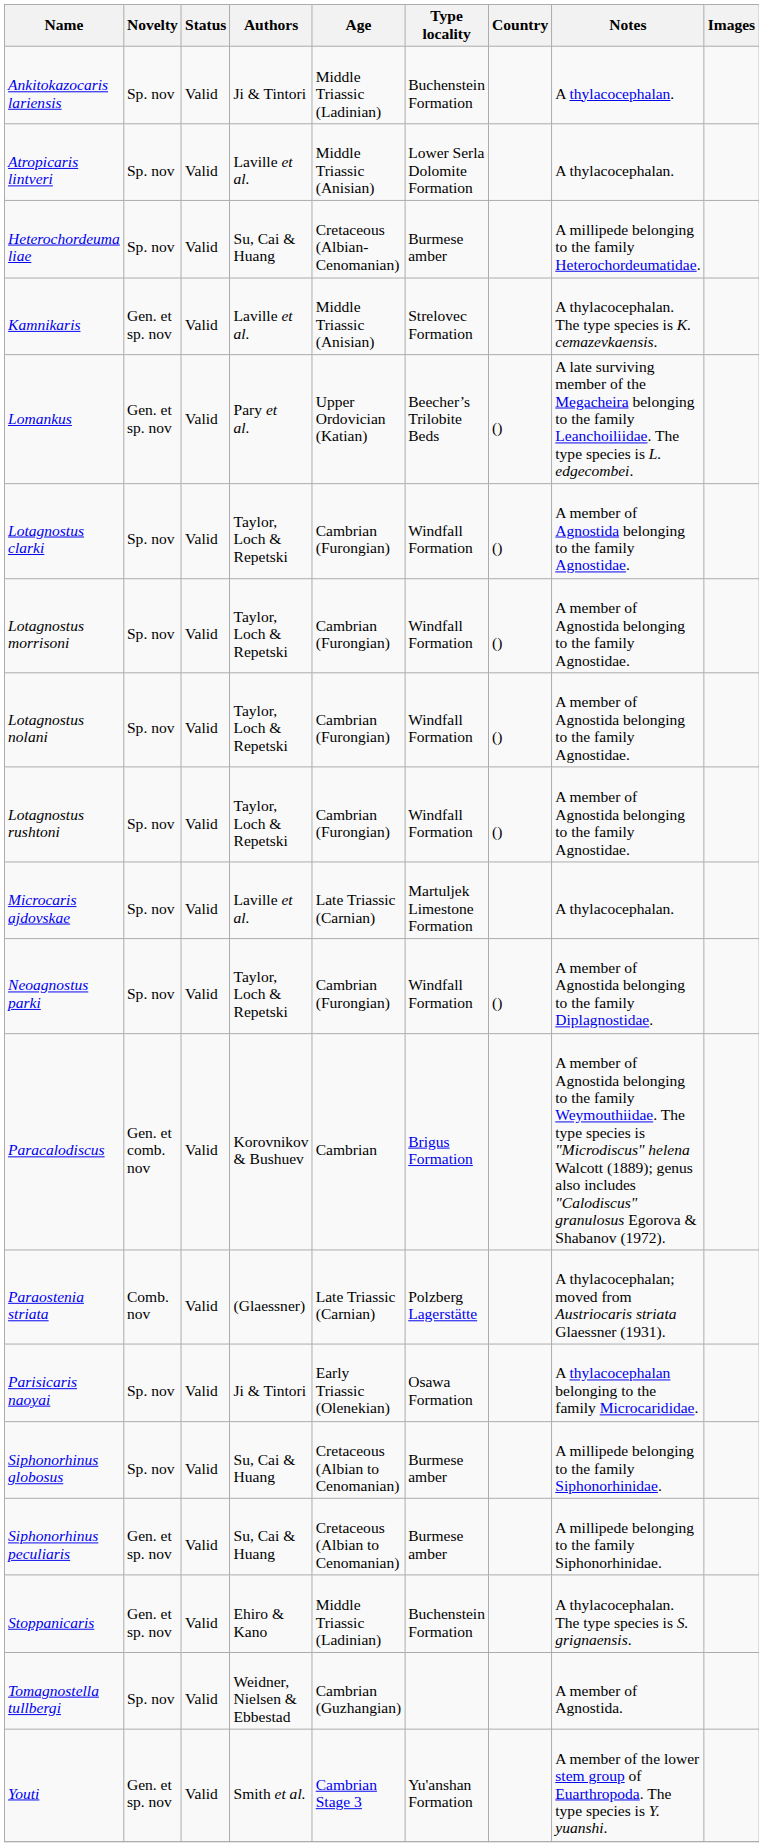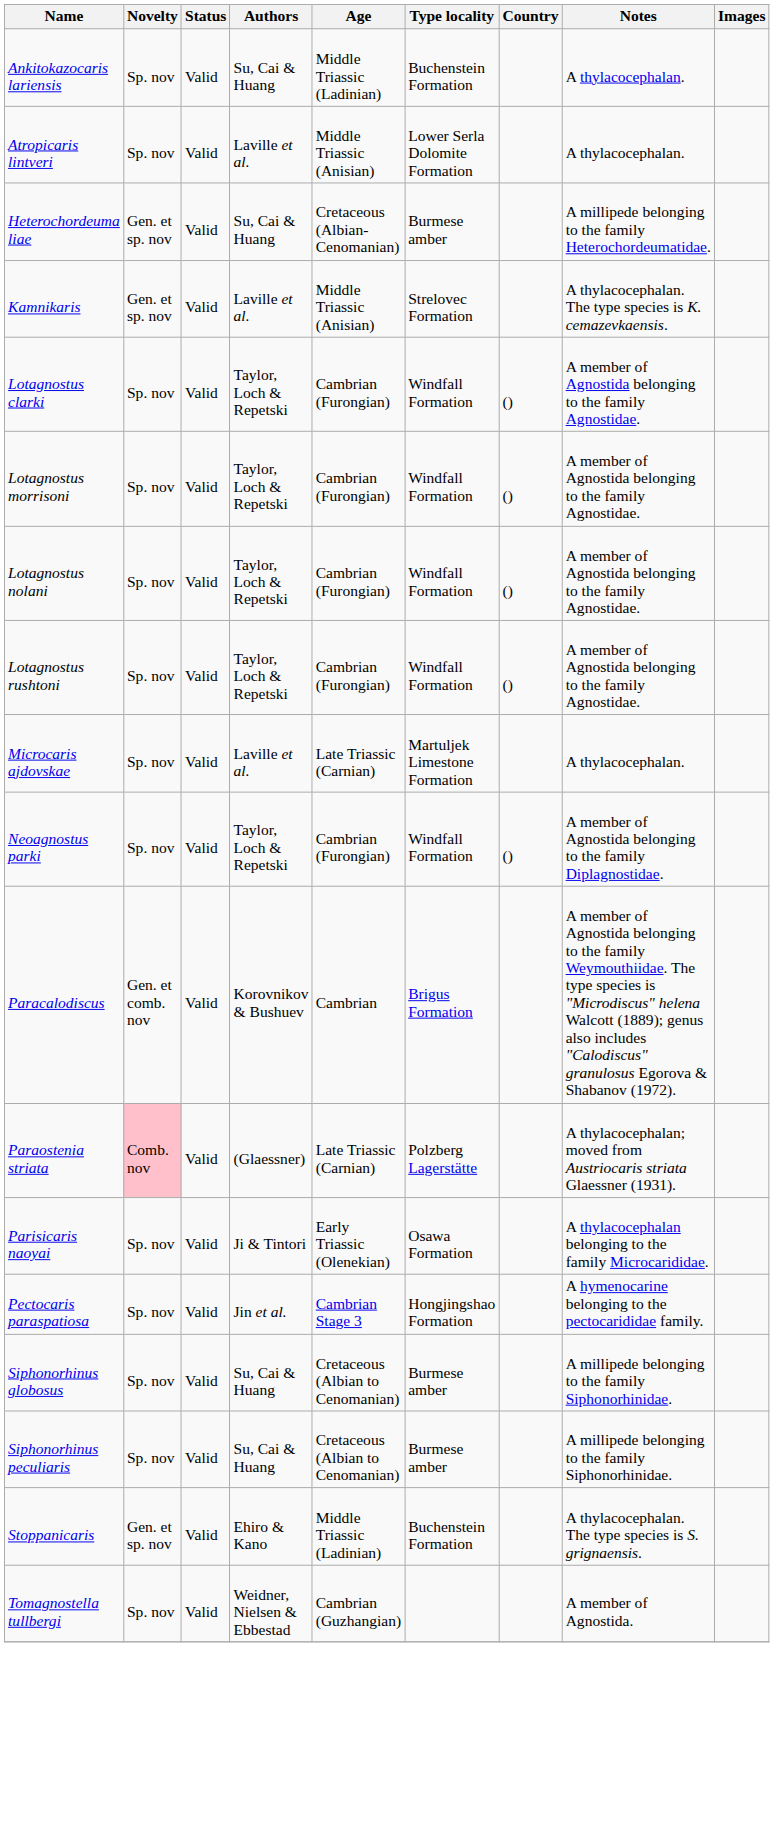 <table class="wikitable sortable" align="center" width="100%">
 <tr>
 <th>Name</th>
 <th>Novelty</th>
 <th>Status</th>
 <th>Authors</th>
 <th>Age</th>
 <th>Type locality</th>
 <th>Country</th>
 <th>Notes</th>
 <th>Images</th>
 </tr>
 <tr>
 <td><br><em><a href='#'>Ankitokazocaris lariensis</a></em></td>
 <td><br>Sp. nov</td>
 <td><br>Valid</td>
-<td><br>Ji & Tintori</td>
+<td><br>Su, Cai & Huang</td>
 <td><br>Middle Triassic (Ladinian)</td>
 <td><br>Buchenstein Formation</td>
 <td><br></td>
 <td><br>A <a href='#'>thylacocephalan</a>.</td>
 <td></td>
 </tr>
 <tr>
 <td><br><em><a href='#'>Atropicaris lintveri</a></em></td>
 <td><br>Sp. nov</td>
 <td><br>Valid</td>
 <td><br>Laville <em>et al.</em></td>
 <td><br>Middle Triassic (Anisian)</td>
 <td><br>Lower Serla Dolomite Formation</td>
 <td><br></td>
 <td><br>A thylacocephalan.</td>
 <td></td>
 </tr>
 <tr>
 <td><br><em><a href='#'>Heterochordeuma liae</a></em></td>
-<td><br>Sp. nov</td>
+<td><br>Gen. et sp. nov</td>
 <td><br>Valid</td>
 <td><br>Su, Cai & Huang</td>
 <td><br>Cretaceous (Albian-Cenomanian)</td>
 <td><br>Burmese amber</td>
 <td><br></td>
 <td><br>A millipede belonging to the family <a href='#'>Heterochordeumatidae</a>.</td>
 <td></td>
 </tr>
 <tr>
 <td><br><em><a href='#'>Kamnikaris</a></em></td>
 <td><br>Gen. et sp. nov</td>
 <td><br>Valid</td>
 <td><br>Laville <em>et al.</em></td>
 <td><br>Middle Triassic (Anisian)</td>
 <td><br>Strelovec Formation</td>
 <td><br></td>
 <td><br>A thylacocephalan. The type species is <em>K. cemazevkaensis</em>.</td>
-<td></td>
-</tr>
-<tr>
-<td><em><a href='#'>Lomankus</a></em></td>
-<td>Gen. et<br>sp. nov</td>
-<td>Valid</td>
-<td>Pary <em>et</em><br><em>al.</em></td>
-<td>Upper Ordovician (Katian)</td>
-<td>Beecher’s Trilobite Beds</td>
-<td><br>()</td>
-<td>A late surviving member of the <a href='#'>Megacheira</a> belonging to the family  <a href='#'>Leanchoiliidae</a>. The type species is <em>L. edgecombei</em>.</td>
 <td></td>
 </tr>
 <tr>
 <td><br><em><a href='#'> Lotagnostus clarki</a></em></td>
 <td><br>Sp. nov</td>
 <td><br>Valid</td>
 <td><br>Taylor, Loch & Repetski</td>
 <td><br>Cambrian (Furongian)</td>
 <td><br>Windfall Formation</td>
 <td><br><br>()</td>
 <td><br>A member of <a href='#'>Agnostida</a> belonging to the family <a href='#'>Agnostidae</a>.</td>
 <td></td>
 </tr>
 <tr>
 <td><br><em>Lotagnostus morrisoni</em></td>
 <td><br>Sp. nov</td>
 <td><br>Valid</td>
 <td><br>Taylor, Loch & Repetski</td>
 <td><br>Cambrian (Furongian)</td>
 <td><br>Windfall Formation</td>
 <td><br><br>()</td>
 <td><br>A member of Agnostida belonging to the family Agnostidae.</td>
 <td></td>
 </tr>
 <tr>
 <td><br><em>Lotagnostus nolani</em></td>
 <td><br>Sp. nov</td>
 <td><br>Valid</td>
 <td><br>Taylor, Loch & Repetski</td>
 <td><br>Cambrian (Furongian)</td>
 <td><br>Windfall Formation</td>
 <td><br><br>()</td>
 <td><br>A member of Agnostida belonging to the family Agnostidae.</td>
 <td></td>
 </tr>
 <tr>
 <td><br><em>Lotagnostus rushtoni</em></td>
 <td><br>Sp. nov</td>
 <td><br>Valid</td>
 <td><br>Taylor, Loch & Repetski</td>
 <td><br>Cambrian (Furongian)</td>
 <td><br>Windfall Formation</td>
 <td><br><br>()</td>
 <td><br>A member of Agnostida belonging to the family Agnostidae.</td>
 <td></td>
 </tr>
 <tr>
 <td><br><em><a href='#'>Microcaris ajdovskae</a></em></td>
 <td><br>Sp. nov</td>
 <td><br>Valid</td>
 <td><br>Laville <em>et al.</em></td>
 <td><br>Late Triassic (Carnian)</td>
 <td><br>Martuljek Limestone Formation</td>
 <td><br></td>
 <td><br>A thylacocephalan.</td>
 <td></td>
 </tr>
 <tr>
 <td><br><em><a href='#'>Neoagnostus parki</a></em></td>
 <td><br>Sp. nov</td>
 <td><br>Valid</td>
 <td><br>Taylor, Loch & Repetski</td>
 <td><br>Cambrian (Furongian)</td>
 <td><br>Windfall Formation</td>
 <td><br><br>()</td>
 <td><br>A member of Agnostida belonging to the family <a href='#'>Diplagnostidae</a>.</td>
 <td></td>
 </tr>
 <tr>
 <td><br><em><a href='#'>Paracalodiscus</a></em></td>
 <td><br>Gen. et comb. nov</td>
 <td><br>Valid</td>
 <td><br>Korovnikov & Bushuev</td>
 <td><br>Cambrian</td>
 <td><br><a href='#'>Brigus Formation</a></td>
 <td><br><br> </td>
 <td><br>A member of Agnostida belonging to the family <a href='#'>Weymouthiidae</a>. The type species is <em>"Microdiscus" helena</em> Walcott (1889); genus also includes <em>"Calodiscus" granulosus</em> Egorova & Shabanov (1972).</td>
 <td></td>
 </tr>
 <tr>
 <td><br><em><a href='#'>Paraostenia striata</a></em></td>
-<td><br>Comb. nov</td>
+<td style="background: pink;"><br>Comb. nov</td>
 <td><br>Valid</td>
 <td><br>(Glaessner)</td>
 <td><br>Late Triassic (Carnian)</td>
 <td><br>Polzberg <a href='#'>Lagerstätte</a></td>
 <td><br></td>
 <td><br>A thylacocephalan; moved from <em>Austriocaris striata</em> Glaessner (1931).</td>
 <td></td>
 </tr>
 <tr>
 <td><br><em><a href='#'>Parisicaris naoyai</a></em></td>
 <td><br>Sp. nov</td>
 <td><br>Valid</td>
 <td><br>Ji & Tintori</td>
 <td><br>Early Triassic (Olenekian)</td>
 <td><br>Osawa Formation</td>
 <td><br></td>
 <td><br>A <a href='#'>thylacocephalan</a> belonging to the family <a href='#'>Microcarididae</a>.</td>
 <td></td>
 </tr>
 <tr>
+<td><br><em><a href='#'>Pectocaris paraspatiosa</a></em></td>
+<td><br>Sp. nov</td>
+<td><br>Valid</td>
+<td><br>Jin <em>et al.</em></td>
+<td><br><a href='#'>Cambrian Stage 3</a></td>
+<td><br>Hongjingshao Formation</td>
+<td><br></td>
+<td>A <a href='#'>hymenocarine</a> belonging to the <a href='#'>pectocarididae</a> family.</td>
+<td></td>
+</tr>
+<tr>
 <td><br><em><a href='#'>Siphonorhinus globosus</a></em></td>
 <td><br>Sp. nov</td>
 <td><br>Valid</td>
 <td><br>Su, Cai & Huang</td>
 <td><br>Cretaceous (Albian to Cenomanian)</td>
 <td><br>Burmese amber</td>
 <td><br></td>
 <td><br>A millipede belonging to the family <a href='#'>Siphonorhinidae</a>.</td>
 <td></td>
 </tr>
 <tr>
 <td><br><em><a href='#'>Siphonorhinus peculiaris</a></em></td>
-<td><br>Gen. et sp. nov</td>
+<td><br>Sp. nov</td>
 <td><br>Valid</td>
 <td><br>Su, Cai & Huang</td>
 <td><br>Cretaceous (Albian to Cenomanian)</td>
 <td><br>Burmese amber</td>
 <td><br></td>
 <td><br>A millipede belonging to the family Siphonorhinidae.</td>
 <td></td>
 </tr>
 <tr>
 <td><br><em><a href='#'>Stoppanicaris</a></em></td>
 <td><br>Gen. et sp. nov</td>
 <td><br>Valid</td>
 <td><br>Ehiro & Kano</td>
 <td><br>Middle Triassic (Ladinian)</td>
 <td><br>Buchenstein Formation</td>
 <td><br></td>
 <td><br>A thylacocephalan. The type species is <em>S. grignaensis</em>.</td>
 <td></td>
 </tr>
 <tr>
 <td><br><em><a href='#'>Tomagnostella tullbergi</a></em></td>
 <td><br>Sp. nov</td>
 <td><br>Valid</td>
 <td><br>Weidner, Nielsen & Ebbestad</td>
 <td><br>Cambrian (Guzhangian)</td>
 <td></td>
 <td><br><br> </td>
 <td><br>A member of Agnostida.</td>
 <td></td>
 </tr>
 <tr>
-<td><br><em><a href='#'>Youti</a></em></td>
-<td><br>Gen. et sp. nov</td>
-<td><br>Valid</td>
-<td><br>Smith <em>et al.</em></td>
-<td><br><a href='#'>Cambrian Stage 3</a></td>
-<td><br>Yu'anshan Formation</td>
-<td><br></td>
-<td><br>A member of the lower <a href='#'>stem group</a> of <a href='#'>Euarthropoda</a>. The type species is <em>Y. yuanshi</em>.</td>
-<td></td>
-</tr>
-<tr>
 </tr>
 </table>
